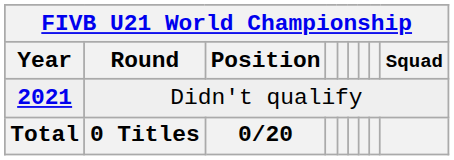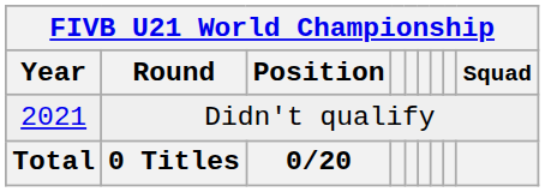 <table class="wikitable" style="text-align: center;">
 <tr>
 <th colspan=9><a href='#'>FIVB U21 World Championship</a></th>
 </tr>
 <tr>
 <th>Year</th>
 <th>Round</th>
 <th>Position</th>
 <th></th>
 <th></th>
 <th></th>
 <th></th>
 <th></th>
 <th><small>Squad</small></th>
 </tr>
 <tr bgcolor="efefef">
-<td><strong>  <a href='#'>2021</a></strong></td>
+<td>  <a href='#'>2021</a></td>
 <td colspan=9 rowspan=1>Didn't qualify</td>
 </tr>
 <tr>
 <th>Total</th>
 <th>0 Titles</th>
 <th>0/20</th>
 <th></th>
 <th></th>
 <th></th>
 <th></th>
 <th></th>
 <th></th>
 </tr>
 </table>
